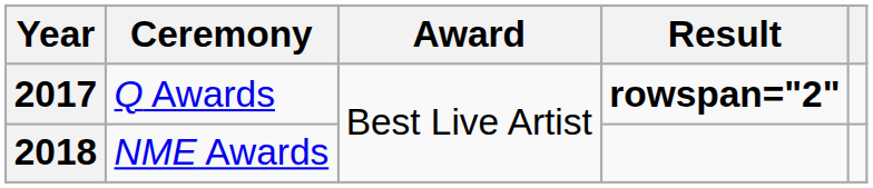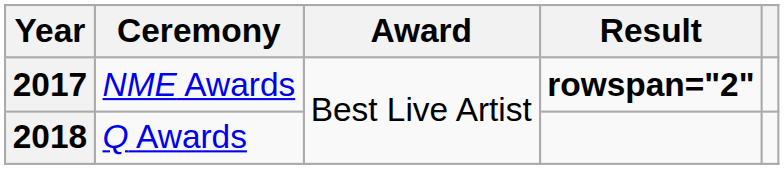 <table class="wikitable unsortable plainrowheaders">
 <tr>
 <th>Year</th>
 <th>Ceremony</th>
 <th>Award</th>
 <th>Result</th>
 <th></th>
 </tr>
 <tr>
 <th scope="row">2017</th>
-<td><a href='#'><em>Q</em> Awards</a></td>
+<td><a href='#'><em>NME</em> Awards</a></td>
 <td rowspan="2">Best Live Artist</td>
 <td><strong>rowspan="2" </strong></td>
 <td></td>
 </tr>
 <tr>
 <th scope="row">2018</th>
-<td><a href='#'><em>NME</em> Awards</a></td>
+<td><a href='#'><em>Q</em> Awards</a></td>
 <td></td>
 </tr>
 </table>
